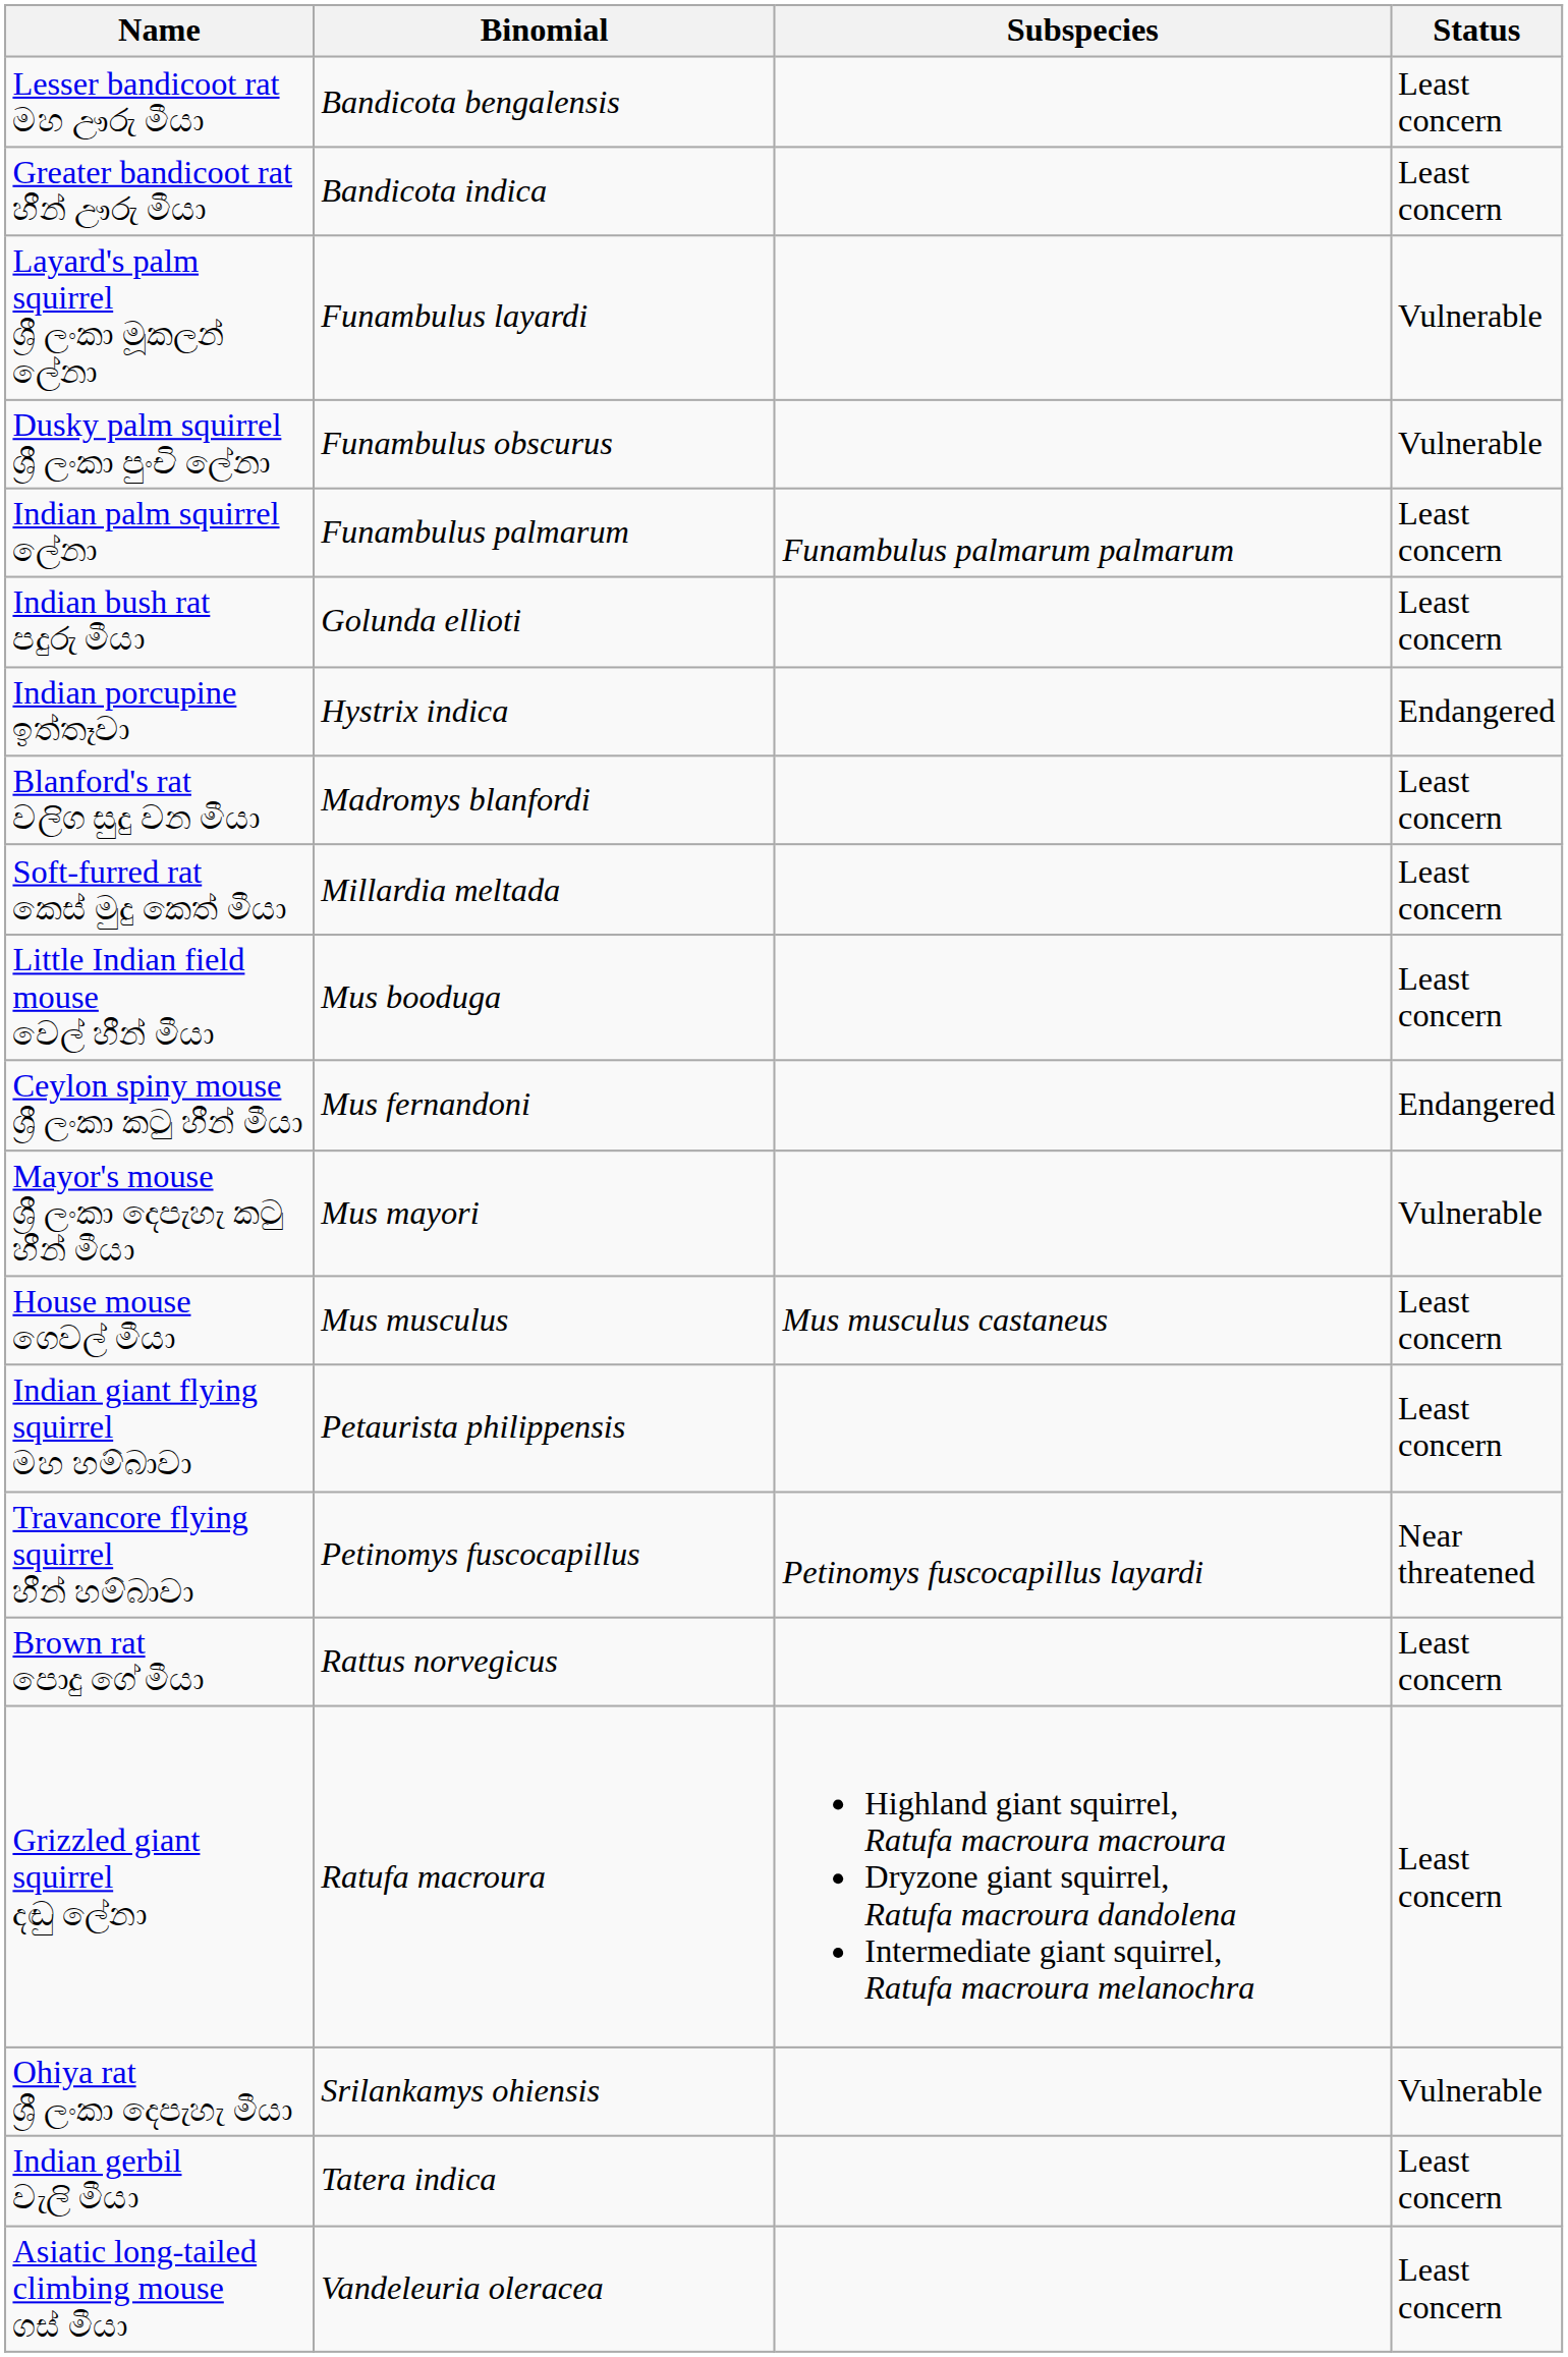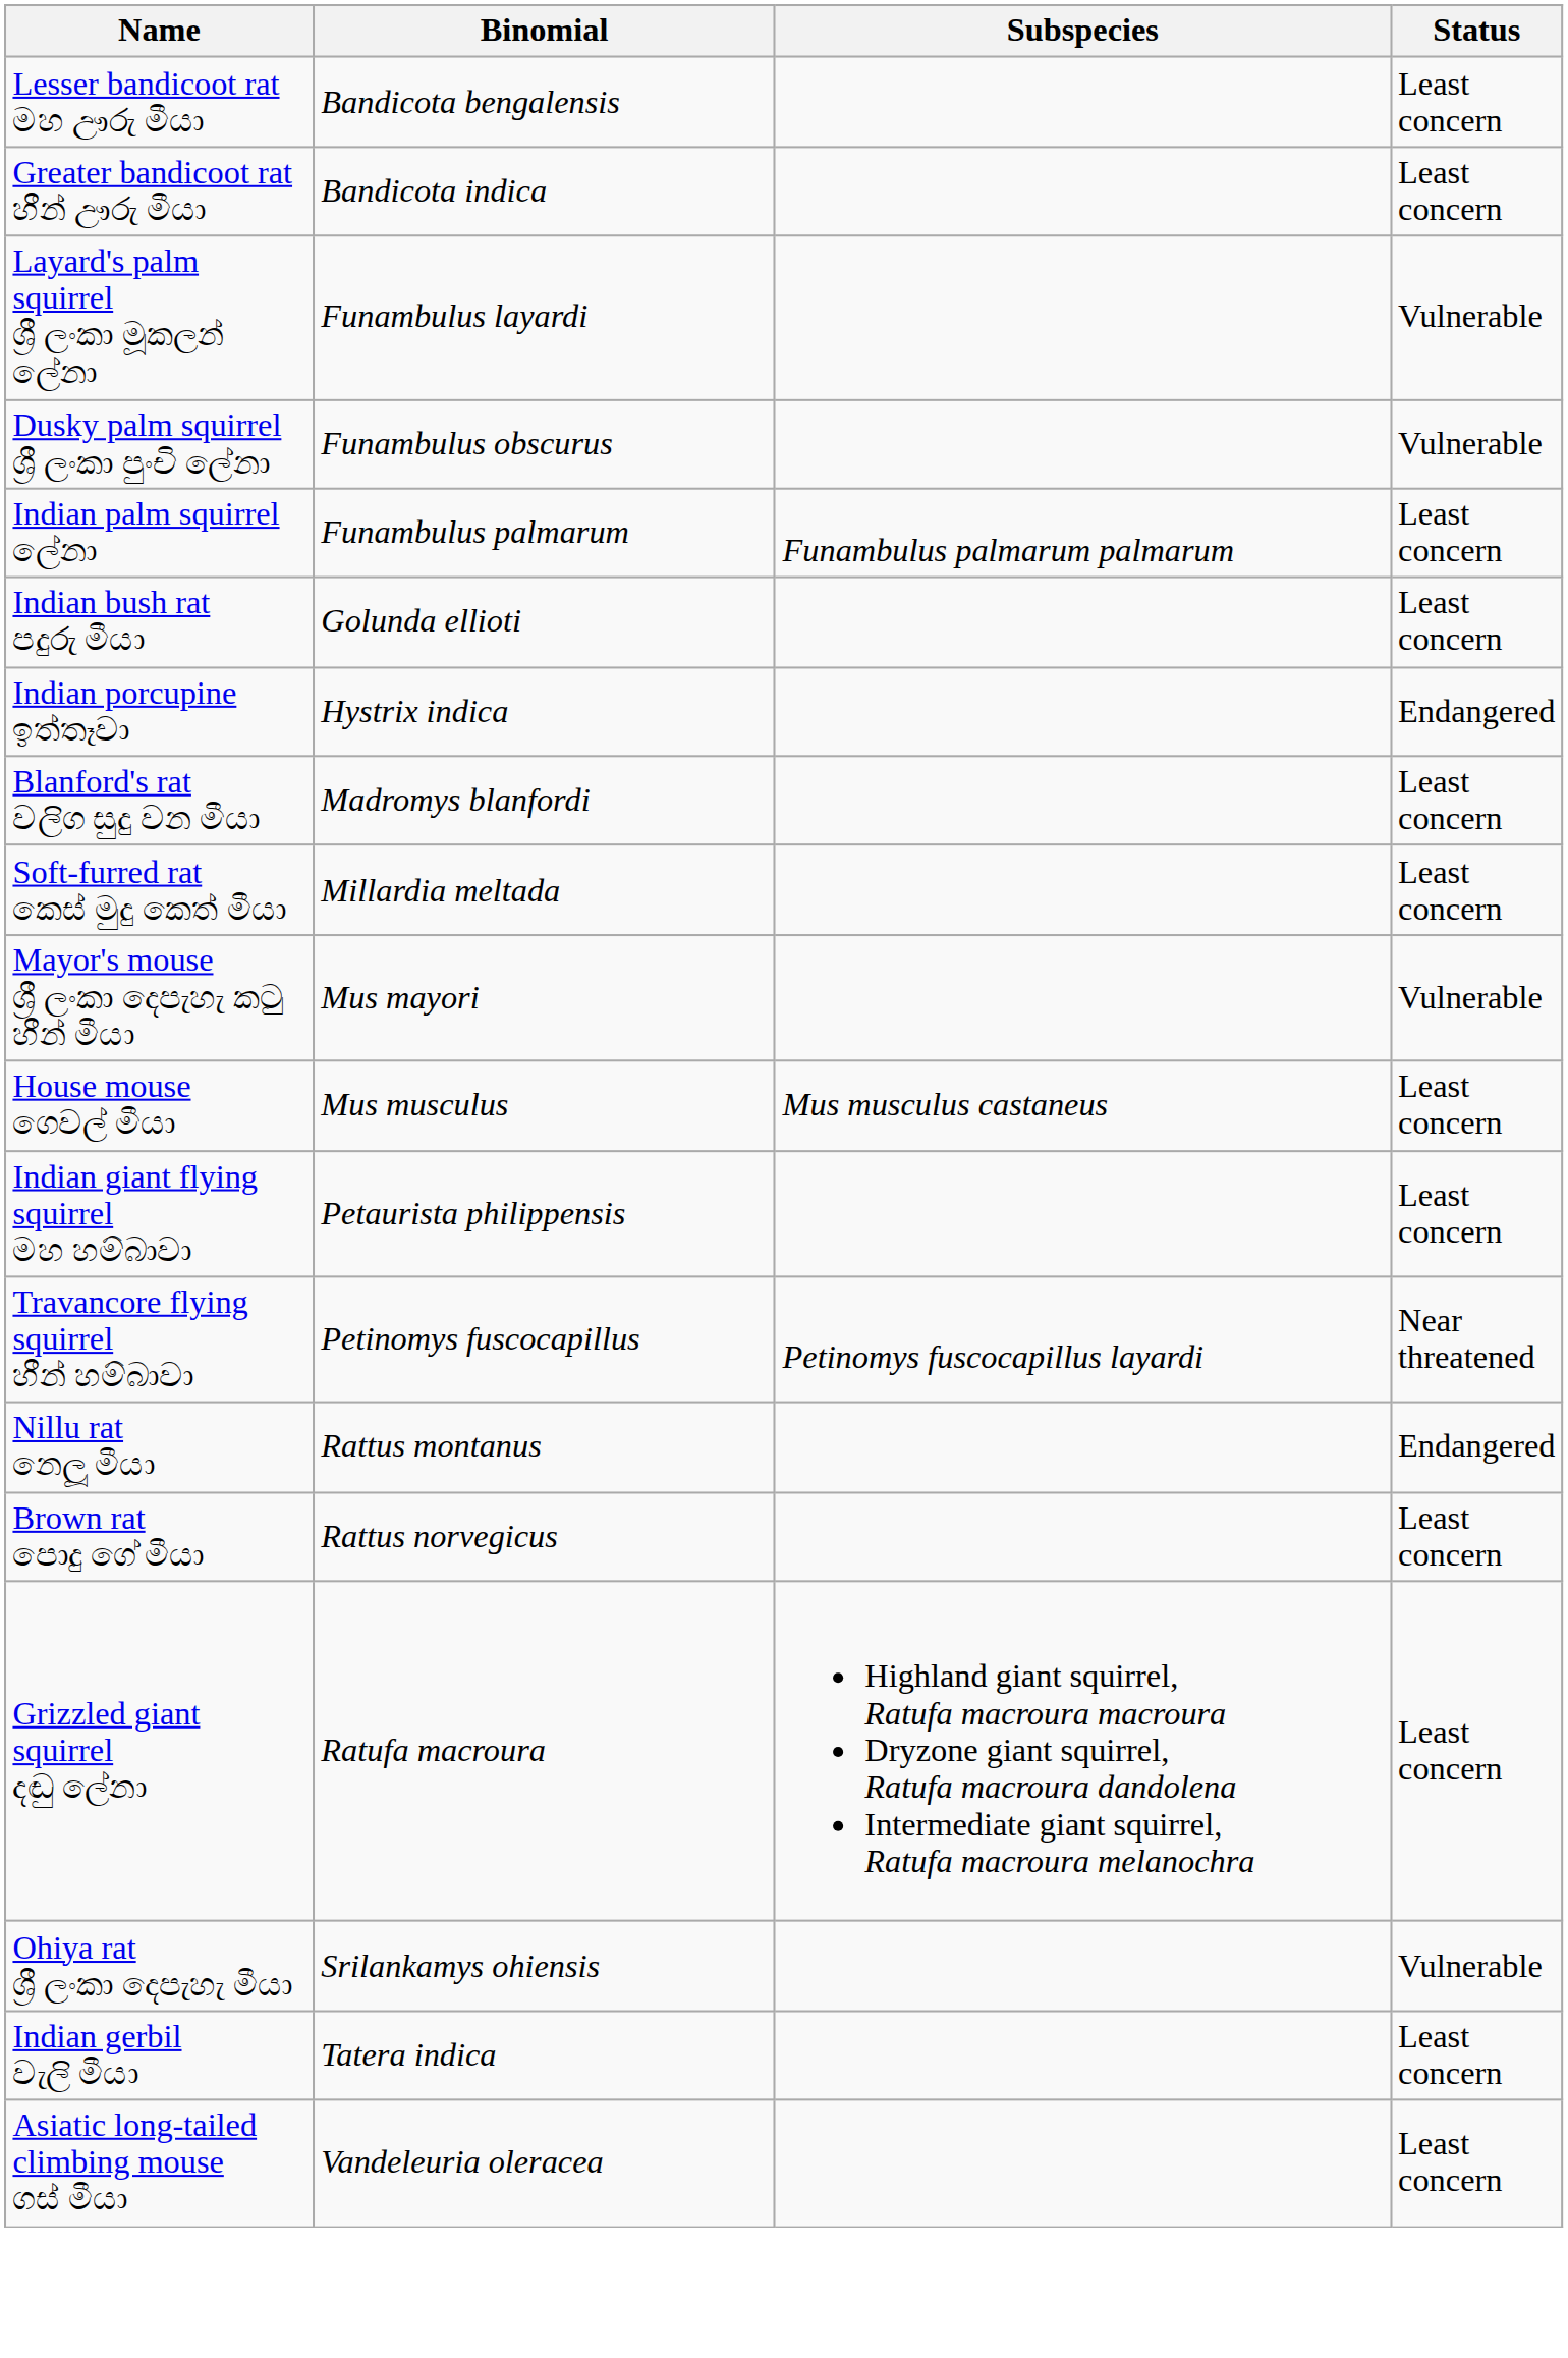 <table width=60% class="wikitable">
 <tr>
 <th width=20%>Name</th>
 <th width=30%>Binomial</th>
 <th width=40%>Subspecies</th>
 <th width=20%>Status</th>
 </tr>
 <tr>
 <td><a href='#'>Lesser bandicoot rat</a><br>මහ ඌරු මීයා<br></td>
 <td><em>Bandicota bengalensis</em></td>
 <td></td>
 <td>Least concern</td>
 </tr>
 <tr>
 <td><a href='#'>Greater bandicoot rat</a><br>හීන් ඌරු මීයා<br></td>
 <td><em>Bandicota indica</em></td>
 <td></td>
 <td>Least concern</td>
 </tr>
 <tr>
 <td><a href='#'>Layard's palm squirrel</a><br>ශ්‍රී ලංකා මූකලන් ලේනා</td>
 <td><em>Funambulus layardi</em></td>
 <td></td>
 <td>Vulnerable</td>
 </tr>
 <tr>
 <td><a href='#'>Dusky palm squirrel</a><br>ශ්‍රී ලංකා පුංචි ලේනා</td>
 <td><em>Funambulus obscurus</em></td>
 <td></td>
 <td>Vulnerable</td>
 </tr>
 <tr>
 <td><a href='#'>Indian palm squirrel</a><br>ලේනා<br></td>
 <td><em>Funambulus palmarum</em></td>
 <td><br><em>Funambulus palmarum palmarum</em></td>
 <td>Least concern</td>
 </tr>
 <tr>
 <td><a href='#'>Indian bush rat</a><br>පදුරු මීයා<br></td>
 <td><em>Golunda ellioti</em></td>
 <td></td>
 <td>Least concern</td>
 </tr>
 <tr>
 <td><a href='#'>Indian porcupine</a><br>ඉත්තෑවා<br></td>
 <td><em>Hystrix indica</em></td>
 <td></td>
 <td>Endangered</td>
 </tr>
 <tr>
 <td><a href='#'>Blanford's rat</a><br>වලිග සුදු වන මීයා<br></td>
 <td><em>Madromys blanfordi</em></td>
 <td></td>
 <td>Least concern</td>
 </tr>
 <tr>
 <td><a href='#'>Soft-furred rat</a><br>කෙස් මුදු කෙත් මීයා</td>
 <td><em>Millardia meltada</em></td>
 <td></td>
 <td>Least concern</td>
 </tr>
 <tr>
-<td><a href='#'>Little Indian field mouse</a><br>වෙල් හීන් මීයා</td>
-<td><em>Mus booduga</em></td>
-<td></td>
-<td>Least concern</td>
-</tr>
-<tr>
-<td><a href='#'>Ceylon spiny mouse</a><br>ශ්‍රී ලංකා ක‍ටු හීන් මීයා</td>
-<td><em>Mus fernandoni</em></td>
-<td></td>
-<td>Endangered</td>
-</tr>
-<tr>
 <td><a href='#'>Mayor's mouse</a><br>ශ්‍රී ලංකා දෙපැහැ ක‍ටු හීන් මීයා</td>
 <td><em>Mus mayori</em></td>
 <td></td>
 <td>Vulnerable</td>
 </tr>
 <tr>
 <td><a href='#'>House mouse</a><br>ගෙවල් මීයා<br></td>
 <td><em>Mus musculus</em></td>
 <td><em>Mus musculus castaneus</em></td>
 <td>Least concern</td>
 </tr>
 <tr>
 <td><a href='#'>Indian giant flying squirrel</a><br>මහ හම්බාවා<br></td>
 <td><em>Petaurista philippensis</em></td>
 <td></td>
 <td>Least concern</td>
 </tr>
 <tr>
 <td><a href='#'>Travancore flying squirrel</a><br>හීන් හම්බාවා</td>
 <td><em>Petinomys fuscocapillus</em></td>
 <td><br><em>Petinomys fuscocapillus layardi</em></td>
 <td>Near threatened</td>
+</tr>
+<tr>
+<td><a href='#'>Nillu rat</a><br>නෙලූ මීයා</td>
+<td><em>Rattus montanus</em></td>
+<td></td>
+<td>Endangered</td>
 </tr>
 <tr>
 <td><a href='#'>Brown rat</a><br>පොදු ගේ මීයා<br></td>
 <td><em>Rattus norvegicus</em></td>
 <td></td>
 <td>Least concern</td>
 </tr>
 <tr>
 <td><a href='#'>Grizzled giant squirrel</a><br>දඬු ලේනා<br></td>
 <td><em>Ratufa macroura</em></td>
 <td><br><ul><li>Highland giant squirrel,<br><em>Ratufa macroura macroura</em></li><li>Dryzone giant squirrel,<br><em>Ratufa macroura dandolena</em></li><li>Intermediate giant squirrel,<br><em>Ratufa macroura melanochra</em></li></ul></td>
 <td>Least concern</td>
 </tr>
 <tr>
 <td><a href='#'>Ohiya rat</a><br>ශ්‍රී ලංකා දෙපැහැ මීයා</td>
 <td><em>Srilankamys ohiensis</em></td>
 <td></td>
 <td>Vulnerable</td>
 </tr>
 <tr>
 <td><a href='#'>Indian gerbil</a><br>වැලි මීයා<br></td>
 <td><em>Tatera indica</em></td>
 <td></td>
 <td>Least concern</td>
 </tr>
 <tr>
 <td><a href='#'>Asiatic long-tailed climbing mouse</a><br>ගස් මීයා<br></td>
 <td><em>Vandeleuria oleracea</em></td>
 <td></td>
 <td>Least concern</td>
 </tr>
 </table>
